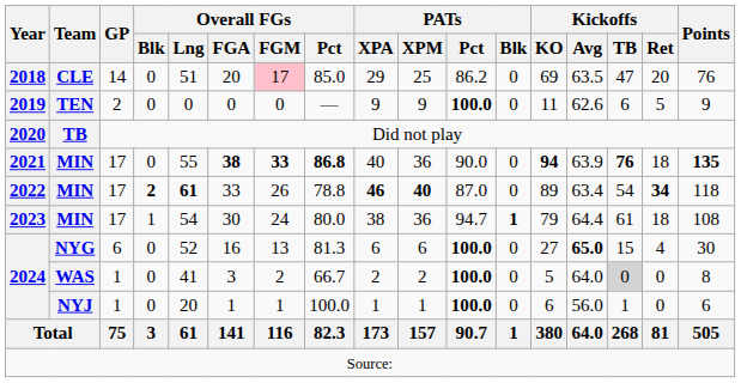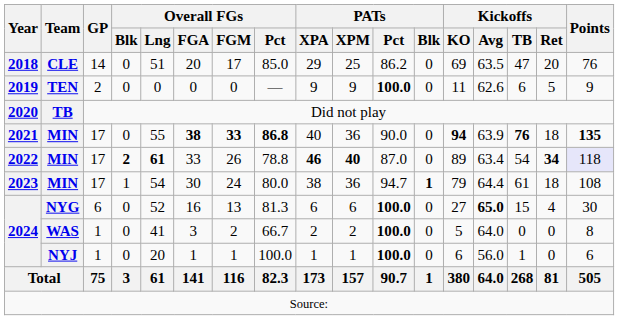 <table class=wikitable style="text-align:center;">
 <tr>
 <th rowspan=2>Year</th>
 <th rowspan=2>Team</th>
 <th rowspan=2>GP</th>
 <th colspan=5>Overall FGs</th>
 <th colspan=4>PATs</th>
 <th colspan=4>Kickoffs</th>
 <th rowspan=2>Points</th>
 </tr>
 <tr>
 <th>Blk</th>
 <th>Lng</th>
 <th>FGA</th>
 <th>FGM</th>
 <th>Pct</th>
 <th>XPA</th>
 <th>XPM</th>
 <th>Pct</th>
 <th>Blk</th>
 <th>KO</th>
 <th>Avg</th>
 <th>TB</th>
 <th>Ret</th>
 </tr>
 <tr>
 <th><a href='#'>2018</a></th>
 <th><a href='#'>CLE</a></th>
 <td>14</td>
 <td>0</td>
 <td>51</td>
 <td>20</td>
-<td style="background: pink;">17</td>
+<td>17</td>
 <td>85.0</td>
 <td>29</td>
 <td>25</td>
 <td>86.2</td>
 <td>0</td>
 <td>69</td>
 <td>63.5</td>
 <td>47</td>
 <td>20</td>
 <td>76</td>
 </tr>
 <tr>
 <th><a href='#'>2019</a></th>
 <th><a href='#'>TEN</a></th>
 <td>2</td>
 <td>0</td>
 <td>0</td>
 <td>0</td>
 <td>0</td>
 <td>—</td>
 <td>9</td>
 <td>9</td>
 <td><strong>100.0</strong></td>
 <td>0</td>
 <td>11</td>
 <td>62.6</td>
 <td>6</td>
 <td>5</td>
 <td>9</td>
 </tr>
 <tr>
 <th><a href='#'>2020</a></th>
 <th><a href='#'>TB</a></th>
 <td colspan="20">Did not play</td>
 </tr>
 <tr>
 <th><a href='#'>2021</a></th>
 <th><a href='#'>MIN</a></th>
 <td>17</td>
 <td>0</td>
 <td>55</td>
 <td><strong>38</strong></td>
 <td><strong>33</strong></td>
 <td><strong>86.8</strong></td>
 <td>40</td>
 <td>36</td>
 <td>90.0</td>
 <td>0</td>
 <td><strong>94</strong></td>
 <td>63.9</td>
 <td><strong>76</strong></td>
 <td>18</td>
 <td><strong>135</strong></td>
 </tr>
 <tr>
 <th><a href='#'>2022</a></th>
 <th><a href='#'>MIN</a></th>
 <td>17</td>
 <td><strong>2</strong></td>
 <td><strong>61</strong></td>
 <td>33</td>
 <td>26</td>
 <td>78.8</td>
 <td><strong>46</strong></td>
 <td><strong>40</strong></td>
 <td>87.0</td>
 <td>0</td>
 <td>89</td>
 <td>63.4</td>
 <td>54</td>
 <td><strong>34</strong></td>
-<td>118</td>
+<td style="background: lavender;">118</td>
 </tr>
 <tr>
 <th><a href='#'>2023</a></th>
 <th><a href='#'>MIN</a></th>
 <td>17</td>
 <td>1</td>
 <td>54</td>
 <td>30</td>
 <td>24</td>
 <td>80.0</td>
 <td>38</td>
 <td>36</td>
 <td>94.7</td>
 <td><strong>1</strong></td>
 <td>79</td>
 <td>64.4</td>
 <td>61</td>
 <td>18</td>
 <td>108</td>
 </tr>
 <tr>
 <th rowspan="3"><a href='#'>2024</a></th>
 <th><a href='#'>NYG</a></th>
 <td>6</td>
 <td>0</td>
 <td>52</td>
 <td>16</td>
 <td>13</td>
 <td>81.3</td>
 <td>6</td>
 <td>6</td>
 <td><strong>100.0</strong></td>
 <td>0</td>
 <td>27</td>
 <td><strong>65.0</strong></td>
 <td>15</td>
 <td>4</td>
 <td>30</td>
 </tr>
 <tr>
 <th><a href='#'>WAS</a></th>
 <td>1</td>
 <td>0</td>
 <td>41</td>
 <td>3</td>
 <td>2</td>
 <td>66.7</td>
 <td>2</td>
 <td>2</td>
 <td><strong>100.0</strong></td>
 <td>0</td>
 <td>5</td>
 <td>64.0</td>
-<td style="background: lightgrey;">0</td>
+<td>0</td>
 <td>0</td>
 <td>8</td>
 </tr>
 <tr>
 <th><a href='#'>NYJ</a></th>
 <td>1</td>
 <td>0</td>
 <td>20</td>
 <td>1</td>
 <td>1</td>
 <td>100.0</td>
 <td>1</td>
 <td>1</td>
 <td><strong>100.0</strong></td>
 <td>0</td>
 <td>6</td>
 <td>56.0</td>
 <td>1</td>
 <td>0</td>
 <td>6</td>
 </tr>
 <tr>
 <th colspan="2">Total</th>
 <th>75</th>
 <th>3</th>
 <th>61</th>
 <th>141</th>
 <th>116</th>
 <th>82.3</th>
 <th>173</th>
 <th>157</th>
 <th>90.7</th>
 <th>1</th>
 <th>380</th>
 <th>64.0</th>
 <th>268</th>
 <th>81</th>
 <th>505</th>
 </tr>
 <tr>
 <td colspan="17"><small>Source: </small></td>
 </tr>
 </table>
